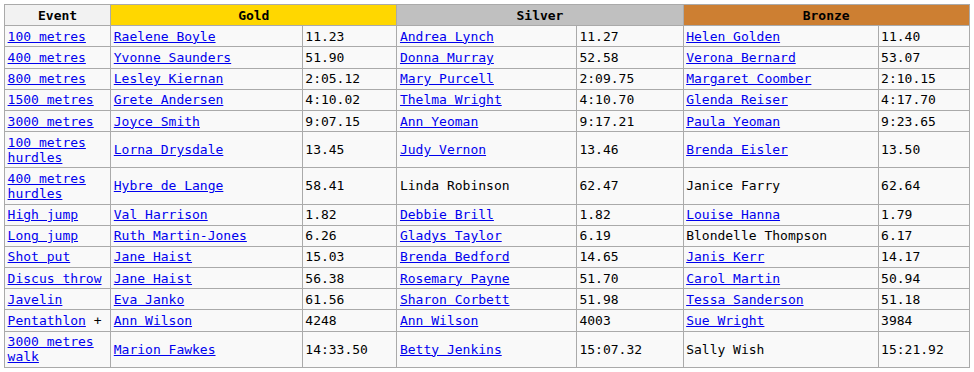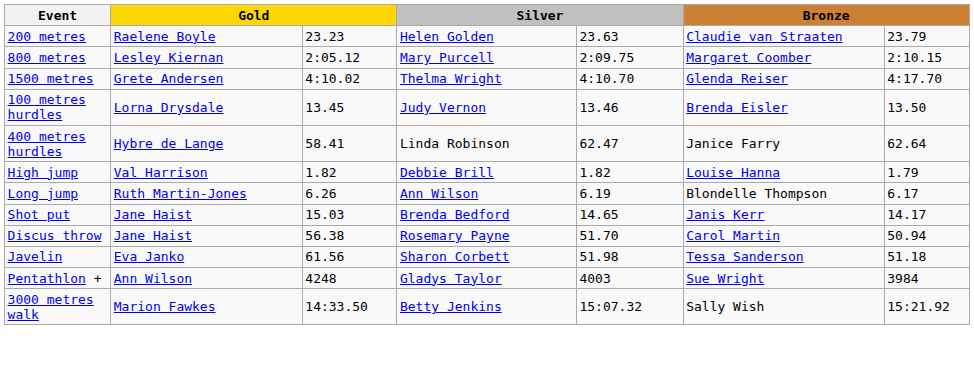 <table class="wikitable" style="text-align:left">
 <tr>
 <th width=100>Event</th>
 <th colspan="2" width="280" style="background:gold;">Gold</th>
 <th colspan="2" width="280" style="background:silver;">Silver</th>
 <th colspan="2" width="280" style="background:#CD7F32;">Bronze</th>
 </tr>
 <tr>
-<td><a href='#'>100 metres</a></td>
+<td><a href='#'>200 metres</a></td>
 <td> <a href='#'>Raelene Boyle</a></td>
-<td>11.23</td>
-<td><a href='#'>Andrea Lynch</a></td>
-<td>11.27</td>
+<td>23.23</td>
 <td> <a href='#'>Helen Golden</a></td>
-<td>11.40</td>
-</tr>
-<tr>
-<td><a href='#'>400 metres</a></td>
-<td> <a href='#'>Yvonne Saunders</a></td>
-<td>51.90</td>
-<td><a href='#'>Donna Murray</a></td>
-<td>52.58</td>
-<td><a href='#'>Verona Bernard</a></td>
-<td>53.07</td>
+<td>23.63</td>
+<td> <a href='#'>Claudie van Straaten</a></td>
+<td>23.79</td>
 </tr>
 <tr>
 <td><a href='#'>800 metres</a></td>
 <td><a href='#'>Lesley Kiernan</a></td>
 <td>2:05.12</td>
 <td> <a href='#'>Mary Purcell</a></td>
 <td>2:09.75</td>
 <td> <a href='#'>Margaret Coomber</a></td>
 <td>2:10.15</td>
 </tr>
 <tr>
 <td><a href='#'>1500 metres</a></td>
 <td> <a href='#'>Grete Andersen</a></td>
 <td>4:10.02</td>
 <td> <a href='#'>Thelma Wright</a></td>
 <td>4:10.70</td>
 <td> <a href='#'>Glenda Reiser</a></td>
 <td>4:17.70</td>
-</tr>
-<tr>
-<td><a href='#'>3000 metres</a></td>
-<td><a href='#'>Joyce Smith</a></td>
-<td>9:07.15</td>
-<td><a href='#'>Ann Yeoman</a></td>
-<td>9:17.21</td>
-<td><a href='#'>Paula Yeoman</a></td>
-<td>9:23.65</td>
 </tr>
 <tr>
 <td><a href='#'>100 metres hurdles</a></td>
 <td><a href='#'>Lorna Drysdale</a></td>
 <td>13.45</td>
 <td><a href='#'>Judy Vernon</a></td>
 <td>13.46</td>
 <td> <a href='#'>Brenda Eisler</a></td>
 <td>13.50</td>
 </tr>
 <tr>
 <td><a href='#'>400 metres hurdles</a></td>
 <td> <a href='#'>Hybre de Lange</a></td>
 <td>58.41</td>
 <td>Linda Robinson</td>
 <td>62.47</td>
 <td>Janice Farry</td>
 <td>62.64</td>
 </tr>
 <tr>
 <td><a href='#'>High jump</a></td>
 <td><a href='#'>Val Harrison</a></td>
 <td>1.82</td>
 <td> <a href='#'>Debbie Brill</a></td>
 <td>1.82</td>
 <td> <a href='#'>Louise Hanna</a></td>
 <td>1.79</td>
 </tr>
 <tr>
 <td><a href='#'>Long jump</a></td>
 <td> <a href='#'>Ruth Martin-Jones</a></td>
 <td>6.26</td>
-<td><a href='#'>Gladys Taylor</a></td>
+<td><a href='#'>Ann Wilson</a></td>
 <td>6.19</td>
 <td>Blondelle Thompson</td>
 <td>6.17</td>
 </tr>
 <tr>
 <td><a href='#'>Shot put</a></td>
 <td> <a href='#'>Jane Haist</a></td>
 <td>15.03</td>
 <td><a href='#'>Brenda Bedford</a></td>
 <td>14.65</td>
 <td><a href='#'>Janis Kerr</a></td>
 <td>14.17</td>
 </tr>
 <tr>
 <td><a href='#'>Discus throw</a></td>
 <td> <a href='#'>Jane Haist</a></td>
 <td>56.38</td>
 <td> <a href='#'>Rosemary Payne</a></td>
 <td>51.70</td>
 <td> <a href='#'>Carol Martin</a></td>
 <td>50.94</td>
 </tr>
 <tr>
 <td><a href='#'>Javelin</a></td>
 <td> <a href='#'>Eva Janko</a></td>
 <td>61.56</td>
 <td><a href='#'>Sharon Corbett</a></td>
 <td>51.98</td>
 <td><a href='#'>Tessa Sanderson</a></td>
 <td>51.18</td>
 </tr>
 <tr>
 <td><a href='#'>Pentathlon</a> +</td>
 <td><a href='#'>Ann Wilson</a></td>
 <td>4248</td>
-<td><a href='#'>Ann Wilson</a></td>
+<td><a href='#'>Gladys Taylor</a></td>
 <td>4003</td>
 <td><a href='#'>Sue Wright</a></td>
 <td>3984</td>
 </tr>
 <tr>
 <td><a href='#'>3000 metres walk</a></td>
 <td><a href='#'>Marion Fawkes</a></td>
 <td>14:33.50</td>
 <td><a href='#'>Betty Jenkins</a></td>
 <td>15:07.32</td>
 <td>Sally Wish</td>
 <td>15:21.92</td>
 </tr>
 </table>
